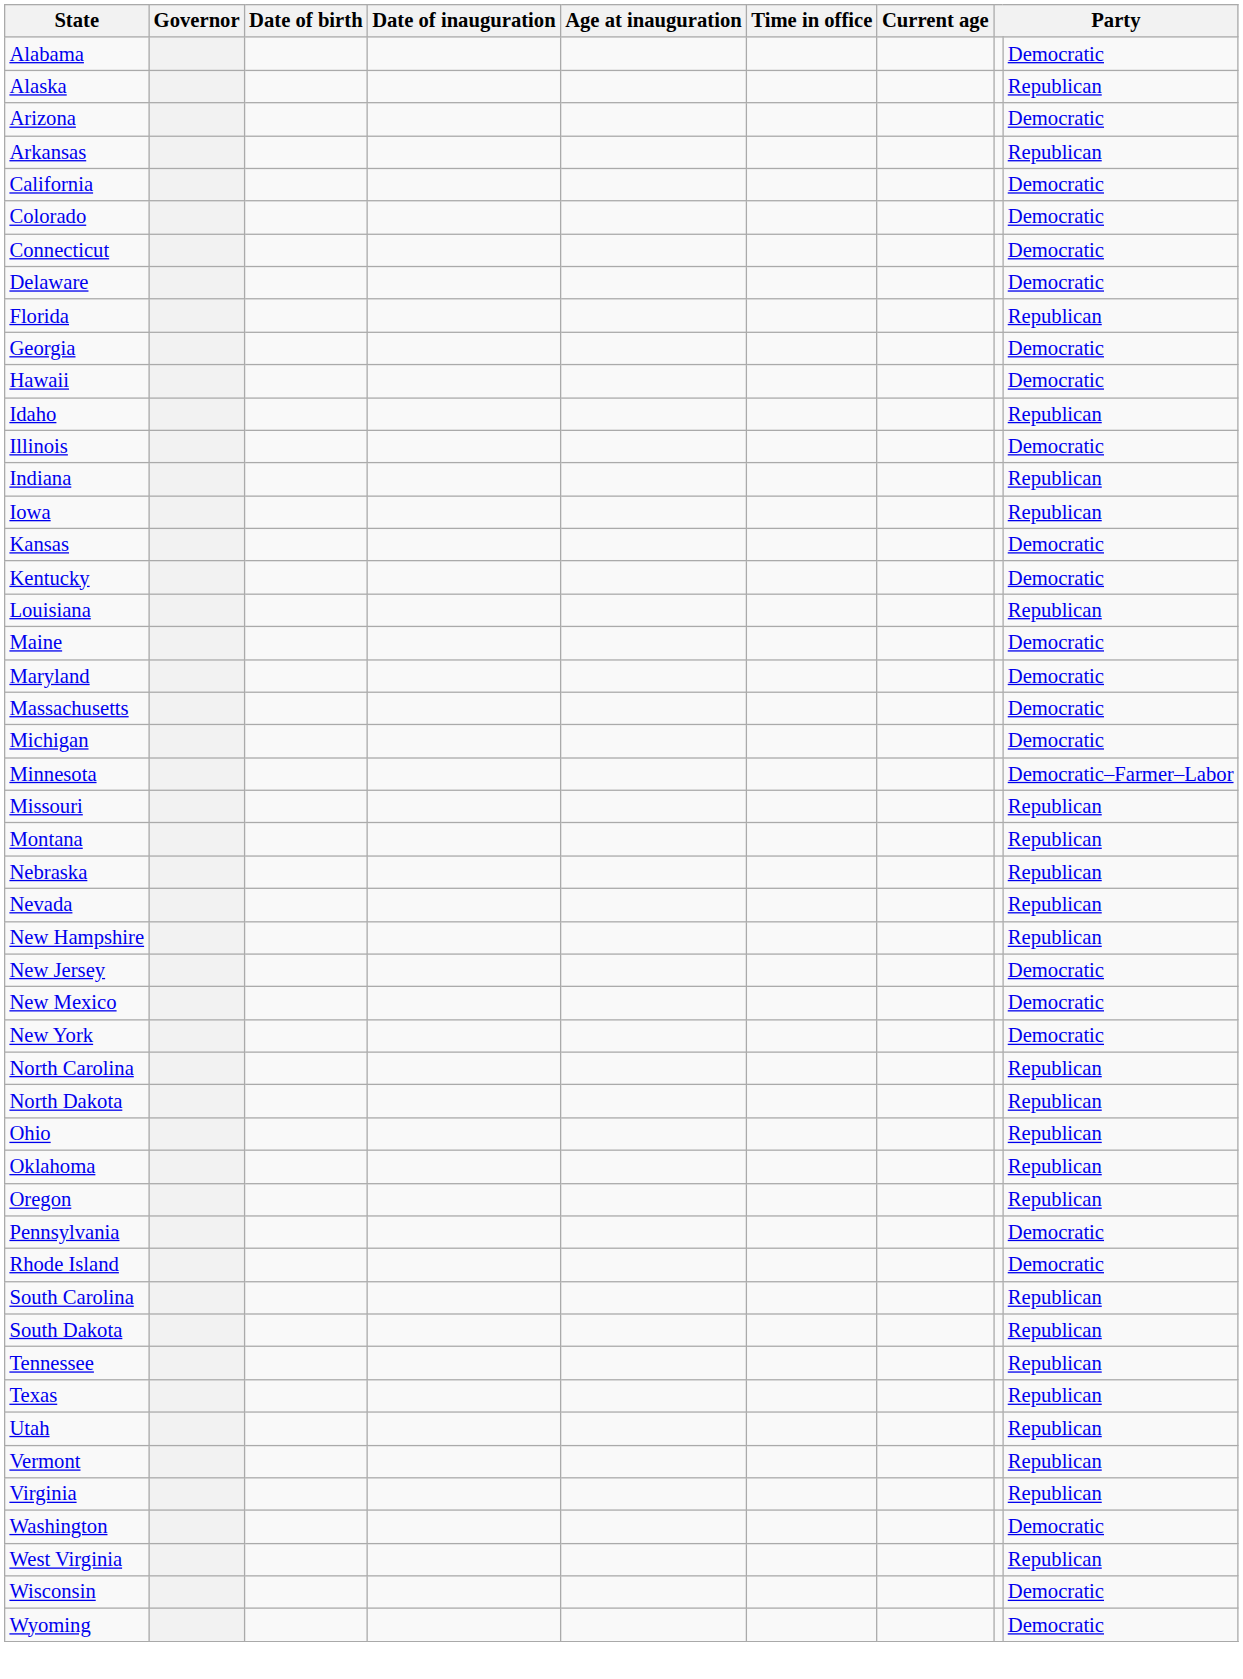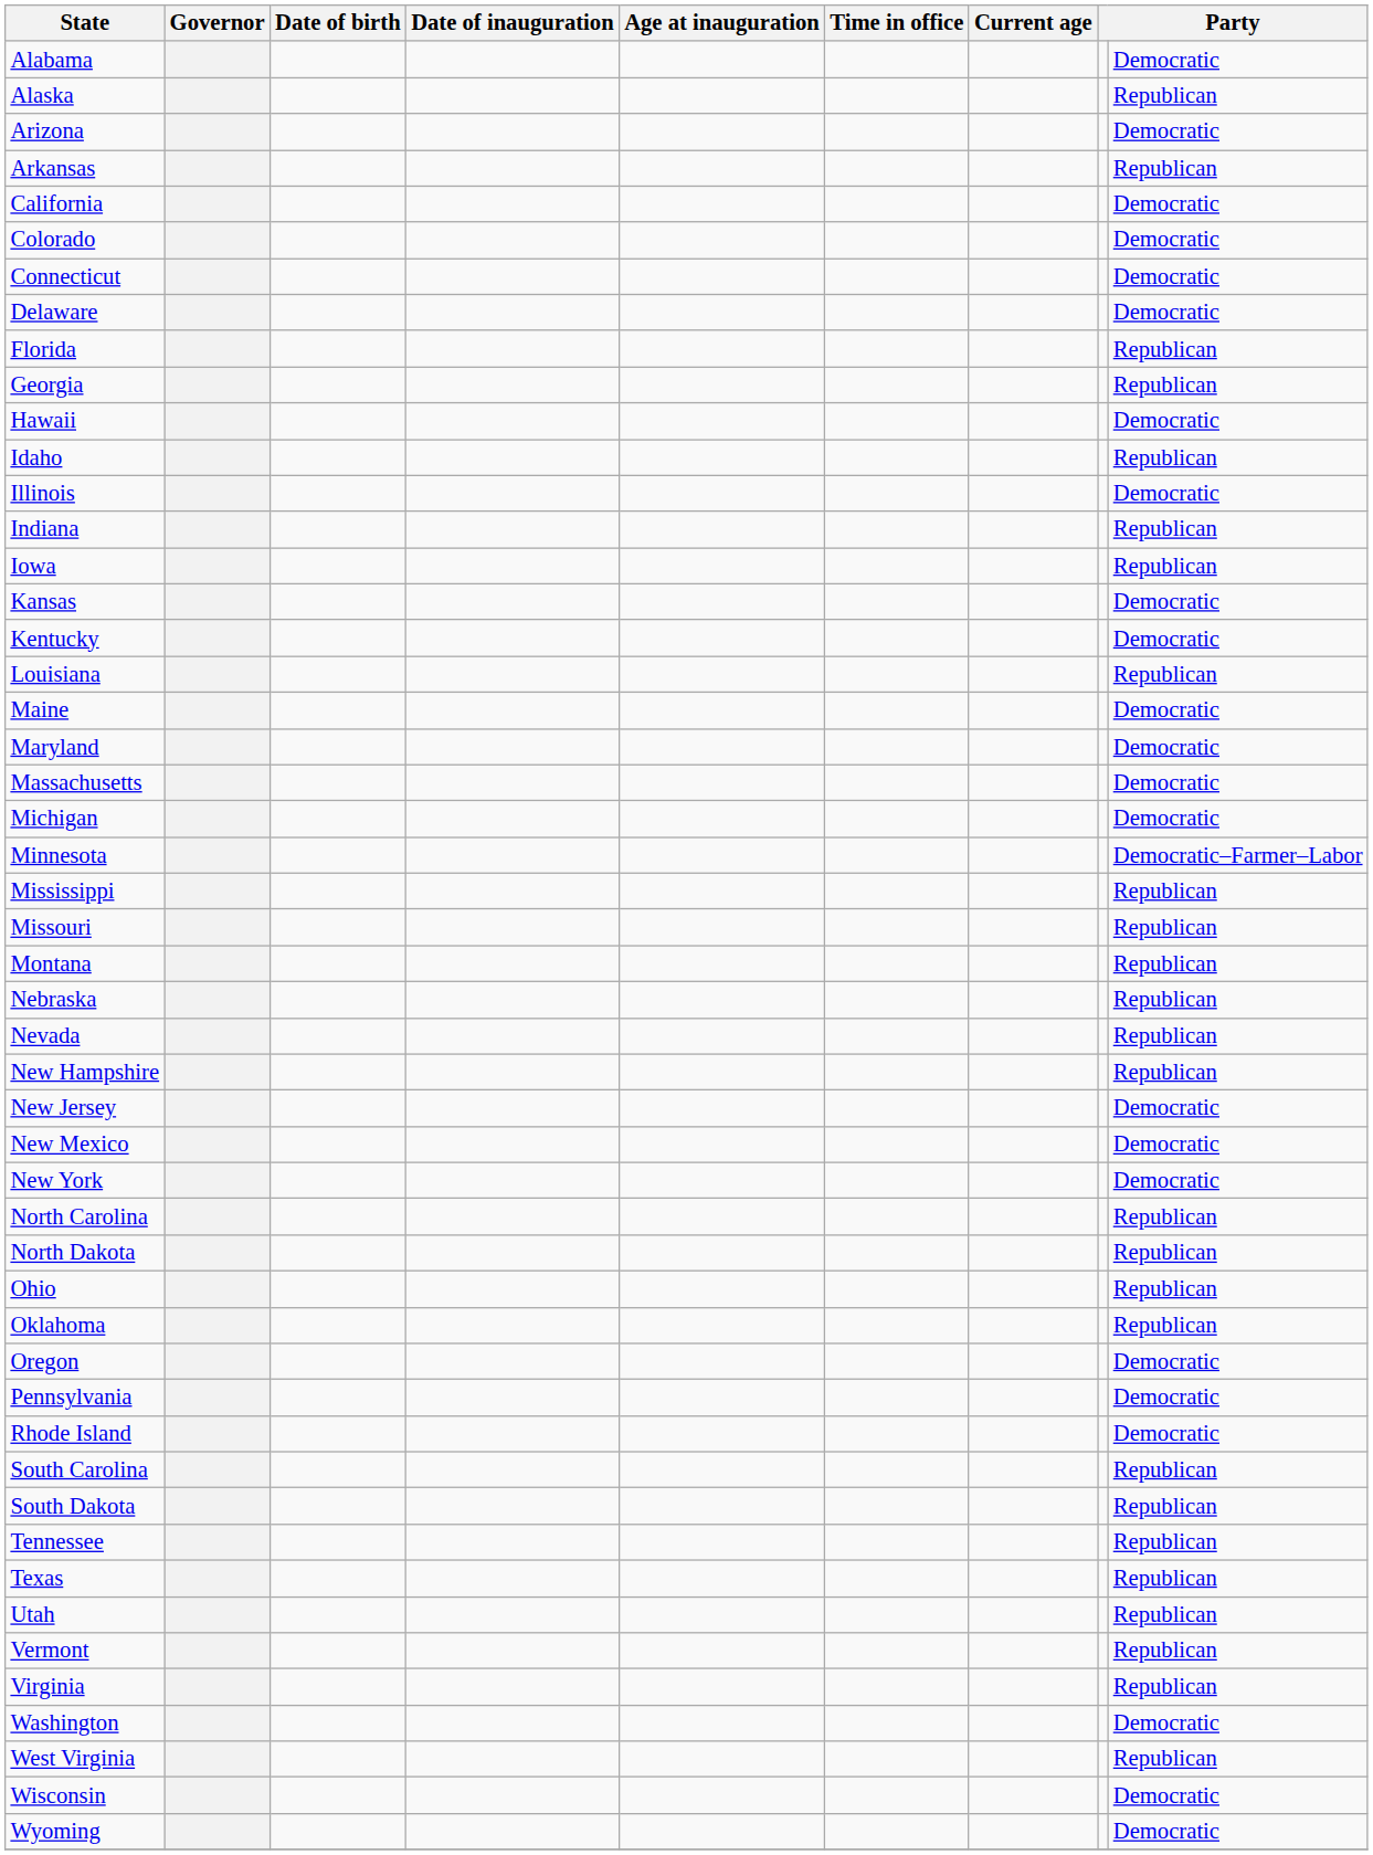 <table class="wikitable sortable plainrowheaders">
 <tr>
 <th scope="col">State</th>
 <th scope="col">Governor</th>
 <th scope="col">Date of birth</th>
 <th scope="col">Date of inauguration</th>
 <th scope="col">Age at inauguration</th>
 <th scope="col">Time in office</th>
 <th scope="col">Current age</th>
 <th scope="col" colspan="2">Party</th>
 </tr>
 <tr>
 <td><a href='#'>Alabama</a></td>
 <th scope="row"></th>
 <td data-sort-type="date"></td>
 <td data-sort-type="date"></td>
 <td></td>
 <td></td>
 <td></td>
 <td style="background-color:"></td>
 <td><a href='#'>Democratic</a></td>
 </tr>
 <tr>
 <td><a href='#'>Alaska</a></td>
 <th scope="row"></th>
 <td data-sort-type="date"></td>
 <td data-sort-type="date"></td>
 <td></td>
 <td></td>
 <td></td>
 <td style="background-color:"></td>
 <td><a href='#'>Republican</a></td>
 </tr>
 <tr>
 <td><a href='#'>Arizona</a></td>
 <th scope="row"></th>
 <td data-sort-type="date"></td>
 <td data-sort-type="date"></td>
 <td></td>
 <td></td>
 <td></td>
 <td style="background-color:"></td>
 <td><a href='#'>Democratic</a></td>
 </tr>
 <tr>
 <td><a href='#'>Arkansas</a></td>
 <th scope="row"></th>
 <td data-sort-type="date"></td>
 <td data-sort-type="date"></td>
 <td></td>
 <td></td>
 <td></td>
 <td style="background-color:"></td>
 <td><a href='#'>Republican</a></td>
 </tr>
 <tr>
 <td><a href='#'>California</a></td>
 <th scope="row"></th>
 <td data-sort-type="date"></td>
 <td data-sort-type="date"></td>
 <td></td>
 <td></td>
 <td></td>
 <td style="background-color:"></td>
 <td><a href='#'>Democratic</a></td>
 </tr>
 <tr>
 <td><a href='#'>Colorado</a></td>
 <th scope="row"></th>
 <td data-sort-type="date"></td>
 <td data-sort-type="date"></td>
 <td></td>
 <td></td>
 <td></td>
 <td style="background-color:"></td>
 <td><a href='#'>Democratic</a></td>
 </tr>
 <tr>
 <td><a href='#'>Connecticut</a></td>
 <th scope="row"></th>
 <td data-sort-type="date"></td>
 <td data-sort-type="date"></td>
 <td></td>
 <td></td>
 <td></td>
 <td style="background-color:"></td>
 <td><a href='#'>Democratic</a></td>
 </tr>
 <tr>
 <td><a href='#'>Delaware</a></td>
 <th scope="row"></th>
 <td data-sort-type="date"></td>
 <td data-sort-type="date"></td>
 <td></td>
 <td></td>
 <td></td>
 <td style="background-color:"></td>
 <td><a href='#'>Democratic</a></td>
 </tr>
 <tr>
 <td><a href='#'>Florida</a></td>
 <th scope="row"></th>
 <td data-sort-type="date"></td>
 <td data-sort-type="date"></td>
 <td></td>
 <td></td>
 <td></td>
 <td style="background-color:"></td>
 <td><a href='#'>Republican</a></td>
 </tr>
 <tr>
 <td><a href='#'>Georgia</a></td>
 <th scope="row"></th>
 <td data-sort-type="date"></td>
 <td data-sort-type="date"></td>
 <td></td>
 <td></td>
 <td></td>
 <td style="background-color:"></td>
-<td><a href='#'>Democratic</a></td>
+<td><a href='#'>Republican</a></td>
 </tr>
 <tr>
 <td><a href='#'>Hawaii</a></td>
 <th scope="row"></th>
 <td data-sort-type="date"></td>
 <td data-sort-type="date"></td>
 <td></td>
 <td></td>
 <td></td>
 <td style="background-color:"></td>
 <td><a href='#'>Democratic</a></td>
 </tr>
 <tr>
 <td><a href='#'>Idaho</a></td>
 <th scope="row"></th>
 <td data-sort-type="date"></td>
 <td data-sort-type="date"></td>
 <td></td>
 <td></td>
 <td></td>
 <td style="background-color:"></td>
 <td><a href='#'>Republican</a></td>
 </tr>
 <tr>
 <td><a href='#'>Illinois</a></td>
 <th scope="row"></th>
 <td data-sort-type="date"></td>
 <td data-sort-type="date"></td>
 <td></td>
 <td></td>
 <td></td>
 <td style="background-color:"></td>
 <td><a href='#'>Democratic</a></td>
 </tr>
 <tr>
 <td><a href='#'>Indiana</a></td>
 <th scope="row"></th>
 <td data-sort-type="date"></td>
 <td data-sort-type="date"></td>
 <td></td>
 <td></td>
 <td></td>
 <td style="background-color:"></td>
 <td><a href='#'>Republican</a></td>
 </tr>
 <tr>
 <td><a href='#'>Iowa</a></td>
 <th scope="row"></th>
 <td data-sort-type="date"></td>
 <td data-sort-type="date"></td>
 <td></td>
 <td></td>
 <td></td>
 <td style="background-color:"></td>
 <td><a href='#'>Republican</a></td>
 </tr>
 <tr>
 <td><a href='#'>Kansas</a></td>
 <th scope="row"></th>
 <td data-sort-type="date"></td>
 <td data-sort-type="date"></td>
 <td></td>
 <td></td>
 <td></td>
 <td style="background-color:"></td>
 <td><a href='#'>Democratic</a></td>
 </tr>
 <tr>
 <td><a href='#'>Kentucky</a></td>
 <th scope="row"></th>
 <td data-sort-type="date"></td>
 <td data-sort-type="date"></td>
 <td></td>
 <td></td>
 <td></td>
 <td style="background-color:"></td>
 <td><a href='#'>Democratic</a></td>
 </tr>
 <tr>
 <td><a href='#'>Louisiana</a></td>
 <th scope="row"></th>
 <td data-sort-type="date"></td>
 <td data-sort-type="date"></td>
 <td></td>
 <td></td>
 <td></td>
 <td style="background-color:"></td>
 <td><a href='#'>Republican</a></td>
 </tr>
 <tr>
 <td><a href='#'>Maine</a></td>
 <th scope="row"></th>
 <td data-sort-type="date"></td>
 <td data-sort-type="date"></td>
 <td></td>
 <td></td>
 <td></td>
 <td style="background-color:"></td>
 <td><a href='#'>Democratic</a></td>
 </tr>
 <tr>
 <td><a href='#'>Maryland</a></td>
 <th scope="row"></th>
 <td data-sort-type="date"></td>
 <td data-sort-type="date"></td>
 <td></td>
 <td></td>
 <td></td>
 <td style="background-color:"></td>
 <td><a href='#'>Democratic</a></td>
 </tr>
 <tr>
 <td><a href='#'>Massachusetts</a></td>
 <th scope="row"></th>
 <td data-sort-type="date"></td>
 <td data-sort-type="date"></td>
 <td></td>
 <td></td>
 <td></td>
 <td style="background-color:"></td>
 <td><a href='#'>Democratic</a></td>
 </tr>
 <tr>
 <td><a href='#'>Michigan</a></td>
 <th scope="row"></th>
 <td data-sort-type="date"></td>
 <td data-sort-type="date"></td>
 <td></td>
 <td></td>
 <td></td>
 <td style="background-color:"></td>
 <td><a href='#'>Democratic</a></td>
 </tr>
 <tr>
 <td><a href='#'>Minnesota</a></td>
 <th scope="row"></th>
 <td data-sort-type="date"></td>
 <td data-sort-type="date"></td>
 <td></td>
 <td></td>
 <td></td>
 <td style="background-color:"></td>
 <td><a href='#'>Democratic–Farmer–Labor</a></td>
 </tr>
 <tr>
+<td><a href='#'>Mississippi</a></td>
+<th scope="row"></th>
+<td data-sort-type="date"></td>
+<td data-sort-type="date"></td>
+<td></td>
+<td></td>
+<td></td>
+<td style="background-color:"></td>
+<td><a href='#'>Republican</a></td>
+</tr>
+<tr>
 <td><a href='#'>Missouri</a></td>
 <th scope="row"></th>
 <td data-sort-type="date"></td>
 <td data-sort-type="date"></td>
 <td></td>
 <td></td>
 <td></td>
 <td style="background-color:"></td>
 <td><a href='#'>Republican</a></td>
 </tr>
 <tr>
 <td><a href='#'>Montana</a></td>
 <th scope="row"></th>
 <td data-sort-type="date"></td>
 <td data-sort-type="date"></td>
 <td></td>
 <td></td>
 <td></td>
 <td style="background-color:"></td>
 <td><a href='#'>Republican</a></td>
 </tr>
 <tr>
 <td><a href='#'>Nebraska</a></td>
 <th scope="row"></th>
 <td data-sort-type="date"></td>
 <td data-sort-type="date"></td>
 <td></td>
 <td></td>
 <td></td>
 <td style="background-color:"></td>
 <td><a href='#'>Republican</a></td>
 </tr>
 <tr>
 <td><a href='#'>Nevada</a></td>
 <th scope="row"></th>
 <td data-sort-type="date"></td>
 <td data-sort-type="date"></td>
 <td></td>
 <td></td>
 <td></td>
 <td style="background-color:"></td>
 <td><a href='#'>Republican</a></td>
 </tr>
 <tr>
 <td><a href='#'>New Hampshire</a></td>
 <th scope="row"></th>
 <td data-sort-type="date"></td>
 <td data-sort-type="date"></td>
 <td></td>
 <td></td>
 <td></td>
 <td style="background-color:"></td>
 <td><a href='#'>Republican</a></td>
 </tr>
 <tr>
 <td><a href='#'>New Jersey</a></td>
 <th scope="row"></th>
 <td data-sort-type="date"></td>
 <td data-sort-type="date"></td>
 <td></td>
 <td></td>
 <td></td>
 <td style="background-color:"></td>
 <td><a href='#'>Democratic</a></td>
 </tr>
 <tr>
 <td><a href='#'>New Mexico</a></td>
 <th scope="row"></th>
 <td data-sort-type="date"></td>
 <td data-sort-type="date"></td>
 <td></td>
 <td></td>
 <td></td>
 <td style="background-color:"></td>
 <td><a href='#'>Democratic</a></td>
 </tr>
 <tr>
 <td><a href='#'>New York</a></td>
 <th scope="row"></th>
 <td data-sort-type="date"></td>
 <td data-sort-type="date"></td>
 <td></td>
 <td></td>
 <td></td>
 <td style="background-color:"></td>
 <td><a href='#'>Democratic</a></td>
 </tr>
 <tr>
 <td><a href='#'>North Carolina</a></td>
 <th scope="row"></th>
 <td data-sort-type="date"></td>
 <td data-sort-type="date"></td>
 <td></td>
 <td></td>
 <td></td>
 <td style="background-color:"></td>
 <td><a href='#'>Republican</a></td>
 </tr>
 <tr>
 <td><a href='#'>North Dakota</a></td>
 <th scope="row"></th>
 <td data-sort-type="date"></td>
 <td data-sort-type="date"></td>
 <td></td>
 <td></td>
 <td></td>
 <td style="background-color:"></td>
 <td><a href='#'>Republican</a></td>
 </tr>
 <tr>
 <td><a href='#'>Ohio</a></td>
 <th scope="row"></th>
 <td data-sort-type="date"></td>
 <td data-sort-type="date"></td>
 <td></td>
 <td></td>
 <td></td>
 <td style="background-color:"></td>
 <td><a href='#'>Republican</a></td>
 </tr>
 <tr>
 <td><a href='#'>Oklahoma</a></td>
 <th scope="row"></th>
 <td data-sort-type="date"></td>
 <td data-sort-type="date"></td>
 <td></td>
 <td></td>
 <td></td>
 <td style="background-color:"></td>
 <td><a href='#'>Republican</a></td>
 </tr>
 <tr>
 <td><a href='#'>Oregon</a></td>
 <th scope="row"></th>
 <td data-sort-type="date"></td>
 <td data-sort-type="date"></td>
 <td></td>
 <td></td>
 <td></td>
 <td style="background-color:"></td>
-<td><a href='#'>Republican</a></td>
+<td><a href='#'>Democratic</a></td>
 </tr>
 <tr>
 <td><a href='#'>Pennsylvania</a></td>
 <th scope="row"></th>
 <td data-sort-type="date"></td>
 <td data-sort-type="date"></td>
 <td></td>
 <td></td>
 <td></td>
 <td style="background-color:"></td>
 <td><a href='#'>Democratic</a></td>
 </tr>
 <tr>
 <td><a href='#'>Rhode Island</a></td>
 <th scope="row"></th>
 <td data-sort-type="date"></td>
 <td data-sort-type="date"></td>
 <td></td>
 <td></td>
 <td></td>
 <td style="background-color:"></td>
 <td><a href='#'>Democratic</a></td>
 </tr>
 <tr>
 <td><a href='#'>South Carolina</a></td>
 <th scope="row"></th>
 <td data-sort-type="date"></td>
 <td data-sort-type="date"></td>
 <td></td>
 <td></td>
 <td></td>
 <td style="background-color:"></td>
 <td><a href='#'>Republican</a></td>
 </tr>
 <tr>
 <td><a href='#'>South Dakota</a></td>
 <th scope="row"></th>
 <td data-sort-type="date"></td>
 <td data-sort-type="date"></td>
 <td></td>
 <td></td>
 <td></td>
 <td style="background-color:"></td>
 <td><a href='#'>Republican</a></td>
 </tr>
 <tr>
 <td><a href='#'>Tennessee</a></td>
 <th scope="row"></th>
 <td data-sort-type="date"></td>
 <td data-sort-type="date"></td>
 <td></td>
 <td></td>
 <td></td>
 <td style="background-color:"></td>
 <td><a href='#'>Republican</a></td>
 </tr>
 <tr>
 <td><a href='#'>Texas</a></td>
 <th scope="row"></th>
 <td data-sort-type="date"></td>
 <td data-sort-type="date"></td>
 <td></td>
 <td></td>
 <td></td>
 <td style="background-color:"></td>
 <td><a href='#'>Republican</a></td>
 </tr>
 <tr>
 <td><a href='#'>Utah</a></td>
 <th scope="row"></th>
 <td data-sort-type="date"></td>
 <td data-sort-type="date"></td>
 <td></td>
 <td></td>
 <td></td>
 <td style="background-color:"></td>
 <td><a href='#'>Republican</a></td>
 </tr>
 <tr>
 <td><a href='#'>Vermont</a></td>
 <th scope="row"></th>
 <td data-sort-type="date"></td>
 <td data-sort-type="date"></td>
 <td></td>
 <td></td>
 <td></td>
 <td style="background-color:"></td>
 <td><a href='#'>Republican</a></td>
 </tr>
 <tr>
 <td><a href='#'>Virginia</a></td>
 <th scope="row"></th>
 <td data-sort-type="date"></td>
 <td data-sort-type="date"></td>
 <td></td>
 <td></td>
 <td></td>
 <td style="background-color:"></td>
 <td><a href='#'>Republican</a></td>
 </tr>
 <tr>
 <td><a href='#'>Washington</a></td>
 <th scope="row"></th>
 <td data-sort-type="date"></td>
 <td data-sort-type="date"></td>
 <td></td>
 <td></td>
 <td></td>
 <td style="background-color:"></td>
 <td><a href='#'>Democratic</a></td>
 </tr>
 <tr>
 <td><a href='#'>West Virginia</a></td>
 <th scope="row"></th>
 <td data-sort-type="date"></td>
 <td data-sort-type="date"></td>
 <td></td>
 <td></td>
 <td></td>
 <td style="background-color:"></td>
 <td><a href='#'>Republican</a></td>
 </tr>
 <tr>
 <td><a href='#'>Wisconsin</a></td>
 <th scope="row"></th>
 <td data-sort-type="date"></td>
 <td data-sort-type="date"></td>
 <td></td>
 <td></td>
 <td></td>
 <td style="background-color:"></td>
 <td><a href='#'>Democratic</a></td>
 </tr>
 <tr>
 <td><a href='#'>Wyoming</a></td>
 <th scope="row"></th>
 <td data-sort-type="date"></td>
 <td data-sort-type="date"></td>
 <td></td>
 <td></td>
 <td></td>
 <td style="background-color:"></td>
 <td><a href='#'>Democratic</a></td>
 </tr>
 <tr>
 </tr>
 </table>
